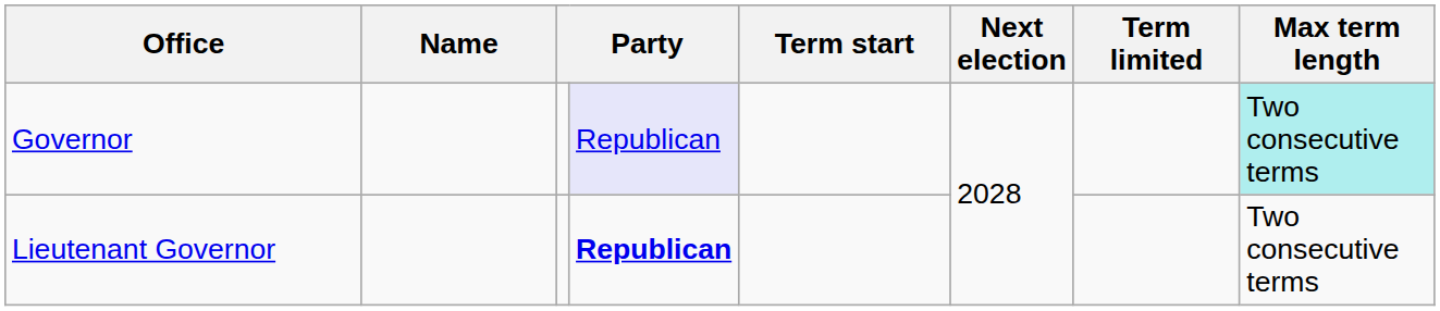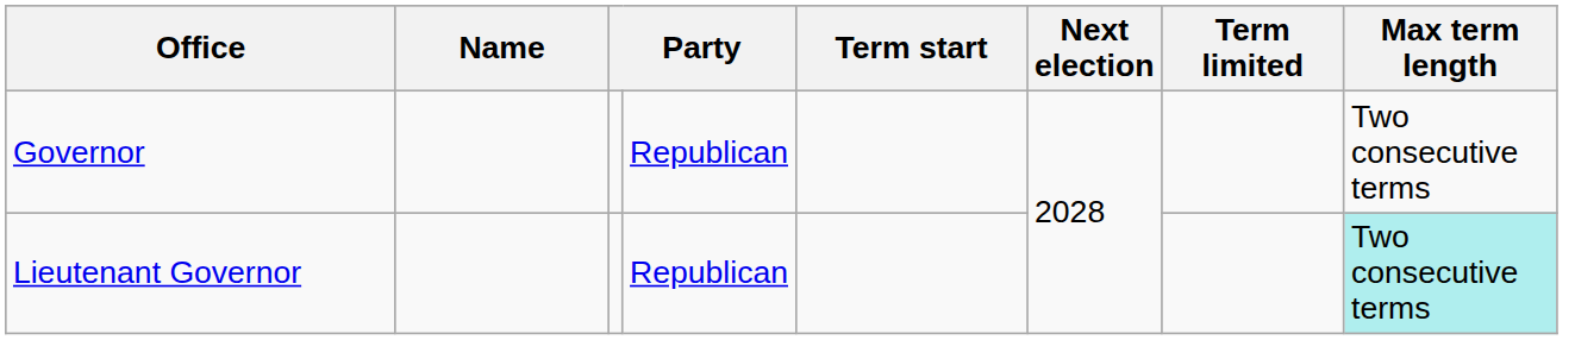 <table class="sortable wikitable">
 <tr>
 <th scope="col" width=190>Office</th>
 <th scope="col" width=100>Name</th>
 <th scope="col" width=75 colspan=2>Party</th>
 <th scope="col" width=110>Term start</th>
 <th scope="col" width=50>Next election</th>
 <th scope="col" width=85>Term limited</th>
 <th scope="col" width=100>Max term length</th>
 </tr>
 <tr>
 <td><a href='#'>Governor</a></td>
 <td></td>
 <td style="background-color:"></td>
-<td style="background: lavender;"><a href='#'>Republican</a></td>
+<td><a href='#'>Republican</a></td>
 <td></td>
 <td rowspan=2>2028</td>
 <td></td>
-<td style="background: paleturquoise;">Two consecutive terms</td>
+<td>Two consecutive terms</td>
 </tr>
 <tr>
 <td><a href='#'>Lieutenant Governor</a></td>
 <td></td>
 <td style="background-color:"></td>
-<td><strong><a href='#'>Republican</a></strong></td>
+<td><a href='#'>Republican</a></td>
 <td></td>
 <td></td>
-<td>Two consecutive terms</td>
+<td style="background: paleturquoise;">Two consecutive terms</td>
 </tr>
 </table>
